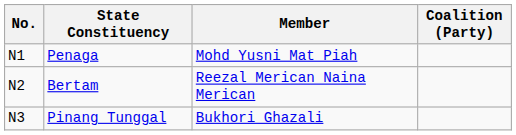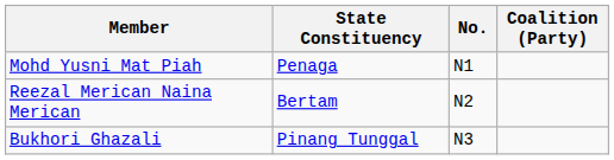 <table class="wikitable">
 <tr>
+<th width="200">Member</th>
+<th width="130">State Constituency</th>
 <th width="30">No.</th>
-<th width="130">State Constituency</th>
-<th width="200">Member</th>
 <th width="80">Coalition (Party)</th>
 </tr>
 <tr>
+<td><a href='#'>Mohd Yusni Mat Piah</a></td>
+<td><a href='#'>Penaga</a></td>
 <td>N1</td>
-<td><a href='#'>Penaga</a></td>
-<td><a href='#'>Mohd Yusni Mat Piah</a></td>
 <td></td>
 </tr>
 <tr>
+<td><a href='#'>Reezal Merican Naina Merican</a></td>
+<td><a href='#'>Bertam</a></td>
 <td>N2</td>
-<td><a href='#'>Bertam</a></td>
-<td><a href='#'>Reezal Merican Naina Merican</a></td>
 <td></td>
 </tr>
 <tr>
+<td><a href='#'>Bukhori Ghazali</a></td>
+<td><a href='#'>Pinang Tunggal</a></td>
 <td>N3</td>
-<td><a href='#'>Pinang Tunggal</a></td>
-<td><a href='#'>Bukhori Ghazali</a></td>
 <td></td>
 </tr>
 </table>
